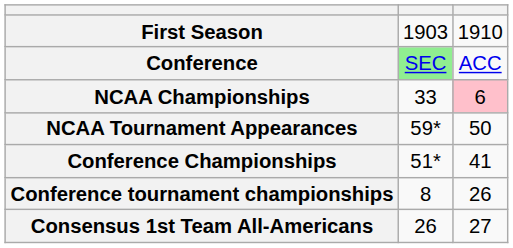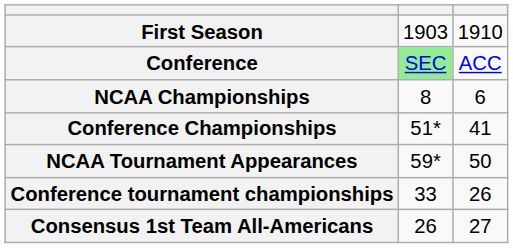 <table class="wikitable" style="float:right; clear:right; margin-left:1em; font-size:88%;">
 <tr>
 <th></th>
 <th><a href='#'></a></th>
 <th><a href='#'></a></th>
 </tr>
 <tr>
 <th scope=row>First Season</th>
 <td align=center>1903</td>
 <td align=center>1910</td>
 </tr>
 <tr>
 <th scope=row>Conference</th>
 <td align=center style="background: lightgreen;"><a href='#'>SEC</a></td>
 <td align=center><a href='#'>ACC</a></td>
 </tr>
 <tr>
 <th scope=row>NCAA Championships</th>
-<td align=center>33</td>
-<td align=center style="background: pink;">6</td>
+<td align=center>8</td>
+<td align=center>6</td>
+</tr>
+<tr>
+<th scope=row>Conference Championships</th>
+<td align=center>51*</td>
+<td align=center>41</td>
 </tr>
 <tr>
 <th scope=row>NCAA Tournament Appearances</th>
 <td align=center>59*</td>
 <td align=center>50</td>
 </tr>
 <tr>
-<th scope=row>Conference Championships</th>
-<td align=center>51*</td>
-<td align=center>41</td>
-</tr>
-<tr>
 <th scope=row>Conference tournament championships</th>
-<td align=center>8</td>
+<td align=center>33</td>
 <td align=center>26</td>
 </tr>
 <tr>
 <th scope=row>Consensus 1st Team All-Americans</th>
 <td align=center>26</td>
 <td align=center>27</td>
 </tr>
 </table>
